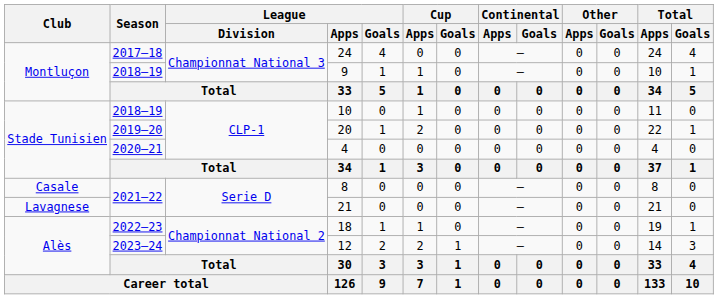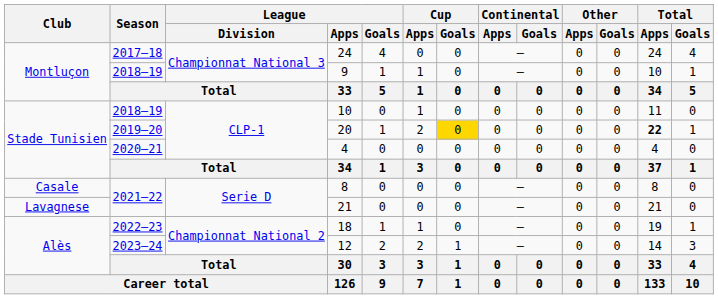 <table class="wikitable" style="text-align: center">
 <tr>
 <th rowspan="2">Club</th>
 <th rowspan="2">Season</th>
 <th colspan="3">League</th>
 <th colspan="2">Cup</th>
 <th colspan="2">Continental</th>
 <th colspan="2">Other</th>
 <th colspan="2">Total</th>
 </tr>
 <tr>
 <th>Division</th>
 <th>Apps</th>
 <th>Goals</th>
 <th>Apps</th>
 <th>Goals</th>
 <th>Apps</th>
 <th>Goals</th>
 <th>Apps</th>
 <th>Goals</th>
 <th>Apps</th>
 <th>Goals</th>
 </tr>
 <tr>
 <td rowspan="3"><a href='#'>Montluçon</a></td>
 <td><a href='#'>2017–18</a></td>
 <td rowspan="2"><a href='#'>Championnat National 3</a></td>
 <td>24</td>
 <td>4</td>
 <td>0</td>
 <td>0</td>
 <td colspan="2">–</td>
 <td>0</td>
 <td>0</td>
 <td>24</td>
 <td>4</td>
 </tr>
 <tr>
 <td><a href='#'>2018–19</a></td>
 <td>9</td>
 <td>1</td>
 <td>1</td>
 <td>0</td>
 <td colspan="2">–</td>
 <td>0</td>
 <td>0</td>
 <td>10</td>
 <td>1</td>
 </tr>
 <tr>
 <th colspan=2>Total</th>
 <th>33</th>
 <th>5</th>
 <th>1</th>
 <th>0</th>
 <th>0</th>
 <th>0</th>
 <th>0</th>
 <th>0</th>
 <th>34</th>
 <th>5</th>
 </tr>
 <tr>
 <td rowspan="4"><a href='#'>Stade Tunisien</a></td>
 <td><a href='#'>2018–19</a></td>
 <td rowspan="3"><a href='#'>CLP-1</a></td>
 <td>10</td>
 <td>0</td>
 <td>1</td>
 <td>0</td>
 <td>0</td>
 <td>0</td>
 <td>0</td>
 <td>0</td>
 <td>11</td>
 <td>0</td>
 </tr>
 <tr>
 <td><a href='#'>2019–20</a></td>
 <td>20</td>
 <td>1</td>
 <td>2</td>
+<td style="background: gold;">0</td>
 <td>0</td>
 <td>0</td>
 <td>0</td>
 <td>0</td>
-<td>0</td>
-<td>22</td>
+<td><strong>22</strong></td>
 <td>1</td>
 </tr>
 <tr>
 <td><a href='#'>2020–21</a></td>
 <td>4</td>
 <td>0</td>
 <td>0</td>
 <td>0</td>
 <td>0</td>
 <td>0</td>
 <td>0</td>
 <td>0</td>
 <td>4</td>
 <td>0</td>
 </tr>
 <tr>
 <th colspan=2>Total</th>
 <th>34</th>
 <th>1</th>
 <th>3</th>
 <th>0</th>
 <th>0</th>
 <th>0</th>
 <th>0</th>
 <th>0</th>
 <th>37</th>
 <th>1</th>
 </tr>
 <tr>
 <td><a href='#'>Casale</a></td>
 <td rowspan="2"><a href='#'>2021–22</a></td>
 <td rowspan="2"><a href='#'>Serie D</a></td>
 <td>8</td>
 <td>0</td>
 <td>0</td>
 <td>0</td>
 <td colspan="2">–</td>
 <td>0</td>
 <td>0</td>
 <td>8</td>
 <td>0</td>
 </tr>
 <tr>
 <td><a href='#'>Lavagnese</a></td>
 <td>21</td>
 <td>0</td>
 <td>0</td>
 <td>0</td>
 <td colspan="2">–</td>
 <td>0</td>
 <td>0</td>
 <td>21</td>
 <td>0</td>
 </tr>
 <tr>
 <td rowspan=3><a href='#'>Alès</a></td>
 <td><a href='#'>2022–23</a></td>
 <td rowspan=2><a href='#'>Championnat National 2</a></td>
 <td>18</td>
 <td>1</td>
 <td>1</td>
 <td>0</td>
 <td colspan="2">—</td>
 <td>0</td>
 <td>0</td>
 <td>19</td>
 <td>1</td>
 </tr>
 <tr>
 <td><a href='#'>2023–24</a></td>
 <td>12</td>
 <td>2</td>
 <td>2</td>
 <td>1</td>
 <td colspan="2">—</td>
 <td>0</td>
 <td>0</td>
 <td>14</td>
 <td>3</td>
 </tr>
 <tr>
 <th colspan=2>Total</th>
 <th>30</th>
 <th>3</th>
 <th>3</th>
 <th>1</th>
 <th>0</th>
 <th>0</th>
 <th>0</th>
 <th>0</th>
 <th>33</th>
 <th>4</th>
 </tr>
 <tr>
 <th colspan=3>Career total</th>
 <th>126</th>
 <th>9</th>
 <th>7</th>
 <th>1</th>
 <th>0</th>
 <th>0</th>
 <th>0</th>
 <th>0</th>
 <th>133</th>
 <th>10</th>
 </tr>
 </table>
